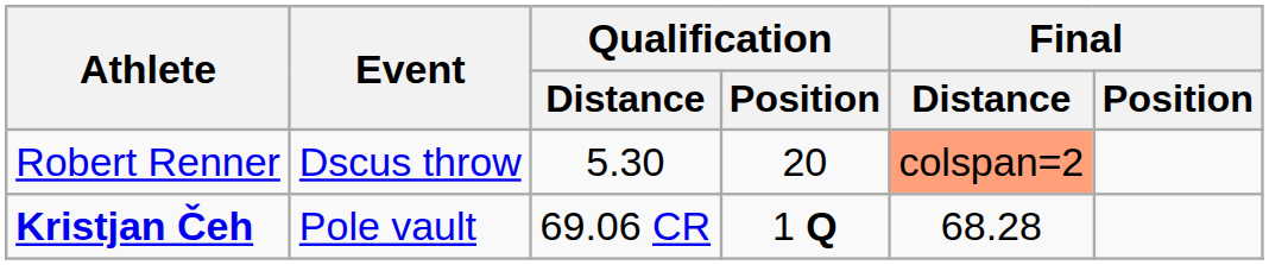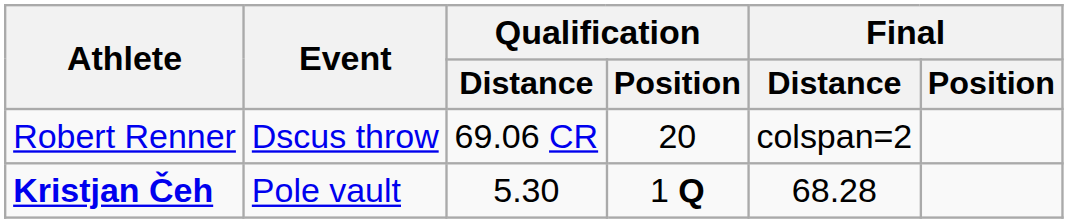 <table class="wikitable" style="font-size:90%">
 <tr>
 <th rowspan="2">Athlete</th>
 <th rowspan="2">Event</th>
 <th colspan="2">Qualification</th>
 <th colspan="2">Final</th>
 </tr>
 <tr style="font-size:95%">
 <th>Distance</th>
 <th>Position</th>
 <th>Distance</th>
 <th>Position</th>
 </tr>
 <tr align="center">
 <td align="left"><a href='#'>Robert Renner</a></td>
 <td align="left"><a href='#'>Dscus throw</a></td>
-<td>5.30</td>
+<td>69.06 <a href='#'>CR</a></td>
 <td>20</td>
-<td style="background: lightsalmon;">colspan=2 </td>
+<td>colspan=2 </td>
 </tr>
 <tr align="center">
 <td align="left"><strong><a href='#'>Kristjan Čeh</a></strong></td>
 <td align="left"><a href='#'>Pole vault</a></td>
-<td>69.06 <a href='#'>CR</a></td>
+<td>5.30</td>
 <td>1 <strong>Q</strong></td>
 <td>68.28</td>
 <td></td>
 </tr>
 </table>
